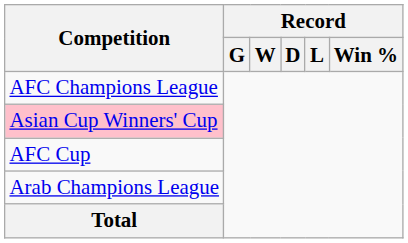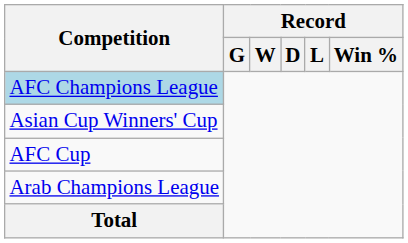 <table class="wikitable" style="text-align: center">
 <tr>
 <th rowspan="2">Competition</th>
 <th colspan="5">Record</th>
 </tr>
 <tr>
 <th>G</th>
 <th>W</th>
 <th>D</th>
 <th>L</th>
 <th>Win %</th>
 </tr>
 <tr>
-<td align=left><a href='#'>AFC Champions League</a><br></td>
+<td align=left style="background: lightblue;"><a href='#'>AFC Champions League</a><br></td>
 </tr>
 <tr>
-<td align=left style="background: pink;"><a href='#'>Asian Cup Winners' Cup</a><br></td>
+<td align=left><a href='#'>Asian Cup Winners' Cup</a><br></td>
 </tr>
 <tr>
 <td align=left><a href='#'>AFC Cup</a><br></td>
 </tr>
 <tr>
 <td align=left><a href='#'>Arab Champions League</a><br></td>
 </tr>
 <tr>
 <th>Total<br></th>
 </tr>
 </table>
